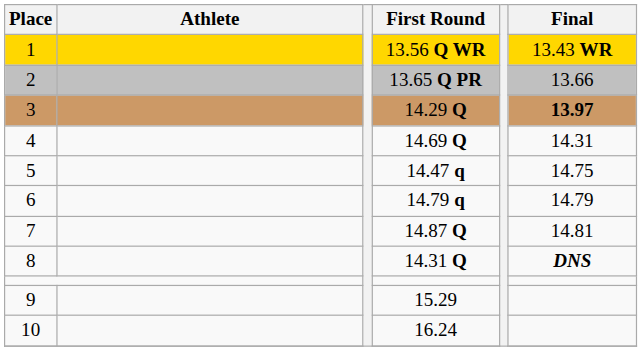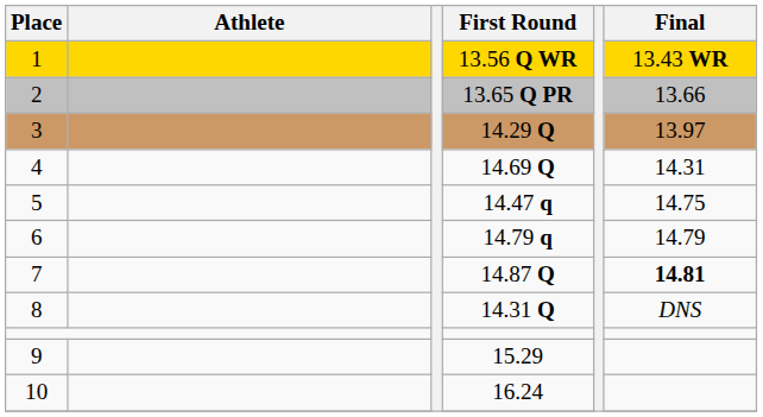 <table class="wikitable" style="text-align:center">
 <tr>
 <th>Place</th>
 <th width=250>Athlete</th>
 <th rowspan=20></th>
 <th width=100>First Round</th>
 <th rowspan=20></th>
 <th width=100>Final</th>
 </tr>
 <tr bgcolor=gold>
 <td>1</td>
 <td align=left></td>
 <td>13.56 <strong>Q WR</strong></td>
 <td>13.43 <strong>WR</strong></td>
 </tr>
 <tr bgcolor=silver>
 <td>2</td>
 <td align=left></td>
 <td>13.65 <strong>Q PR</strong></td>
 <td>13.66</td>
 </tr>
 <tr bgcolor=cc9966>
 <td>3</td>
 <td align=left></td>
 <td>14.29 <strong>Q</strong></td>
-<td><strong>13.97</strong></td>
+<td>13.97</td>
 </tr>
 <tr>
 <td>4</td>
 <td align=left></td>
 <td>14.69 <strong>Q</strong></td>
 <td>14.31</td>
 </tr>
 <tr>
 <td>5</td>
 <td align=left></td>
 <td>14.47 <strong>q</strong></td>
 <td>14.75</td>
 </tr>
 <tr>
 <td>6</td>
 <td align=left></td>
 <td>14.79 <strong>q</strong></td>
 <td>14.79</td>
 </tr>
 <tr>
 <td>7</td>
 <td align=left></td>
 <td>14.87 <strong>Q</strong></td>
-<td>14.81</td>
+<td><strong>14.81</strong></td>
 </tr>
 <tr>
 <td>8</td>
 <td align=left></td>
 <td>14.31 <strong>Q</strong></td>
-<td><strong><em>DNS</em></strong></td>
+<td><em>DNS</em></td>
 </tr>
 <tr>
 <td colspan=10></td>
 </tr>
 <tr>
 <td>9</td>
 <td align=left></td>
 <td>15.29</td>
 <td></td>
 </tr>
 <tr>
 <td>10</td>
 <td align=left></td>
 <td>16.24</td>
 <td></td>
 </tr>
 <tr>
 </tr>
 </table>
